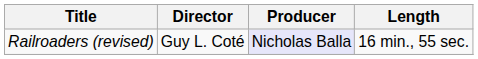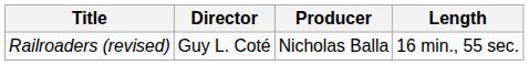 <table class=wikitable>
 <tr>
 <th>Title</th>
 <th>Director</th>
 <th>Producer</th>
 <th>Length</th>
 </tr>
 <tr>
 <td><em>Railroaders  (revised)</em></td>
 <td>Guy L. Coté</td>
-<td style="background: lavender;">Nicholas Balla</td>
+<td>Nicholas Balla</td>
 <td>16 min., 55 sec.</td>
 </tr>
 <tr>
 </tr>
 </table>
